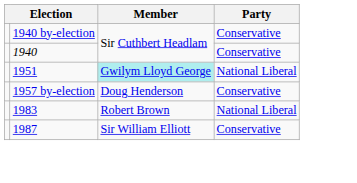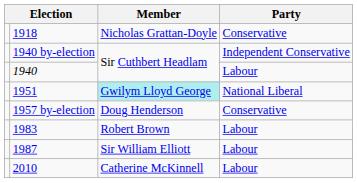 <table class="wikitable">
 <tr>
 <th colspan="2">Election</th>
 <th>Member</th>
 <th>Party</th>
 </tr>
 <tr>
 <td style="color:inherit;background-color: "></td>
-<td><a href='#'>1940 by-election</a></td>
-<td rowspan="2">Sir <a href='#'>Cuthbert Headlam</a></td>
+<td><a href='#'>1918</a></td>
+<td><a href='#'>Nicholas Grattan-Doyle</a></td>
 <td><a href='#'>Conservative</a></td>
 </tr>
 <tr>
 <td style="color:inherit;background-color: "></td>
+<td><a href='#'>1940 by-election</a></td>
+<td rowspan="2">Sir <a href='#'>Cuthbert Headlam</a></td>
+<td><a href='#'>Independent Conservative</a></td>
+</tr>
+<tr>
+<td style="color:inherit;background-color: "></td>
 <td><em>1940</em></td>
-<td><a href='#'>Conservative</a></td>
+<td><a href='#'>Labour</a></td>
 </tr>
 <tr>
 <td style="color:inherit;background-color: "></td>
 <td><a href='#'>1951</a></td>
 <td style="background: paleturquoise;"><a href='#'>Gwilym Lloyd George</a></td>
 <td><a href='#'>National Liberal</a></td>
 </tr>
 <tr>
 <td style="color:inherit;background-color: "></td>
 <td><a href='#'>1957 by-election</a></td>
 <td><a href='#'>Doug Henderson</a></td>
 <td><a href='#'>Conservative</a></td>
 </tr>
 <tr>
 <td style="color:inherit;background-color: "></td>
 <td><a href='#'>1983</a></td>
 <td><a href='#'>Robert Brown</a></td>
-<td><a href='#'>National Liberal</a></td>
+<td><a href='#'>Labour</a></td>
 </tr>
 <tr>
 <td style="color:inherit;background-color: "></td>
 <td><a href='#'>1987</a></td>
 <td><a href='#'>Sir William Elliott</a></td>
-<td><a href='#'>Conservative</a></td>
+<td><a href='#'>Labour</a></td>
+</tr>
+<tr>
+<td style="color:inherit;background-color: "></td>
+<td><a href='#'>2010</a></td>
+<td><a href='#'>Catherine McKinnell</a></td>
+<td><a href='#'>Labour</a></td>
 </tr>
 </table>
